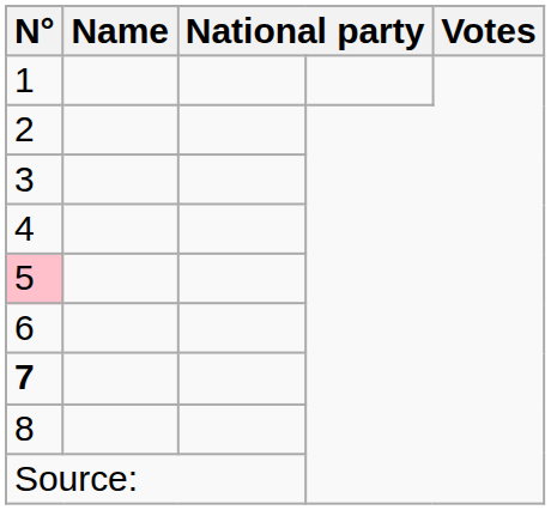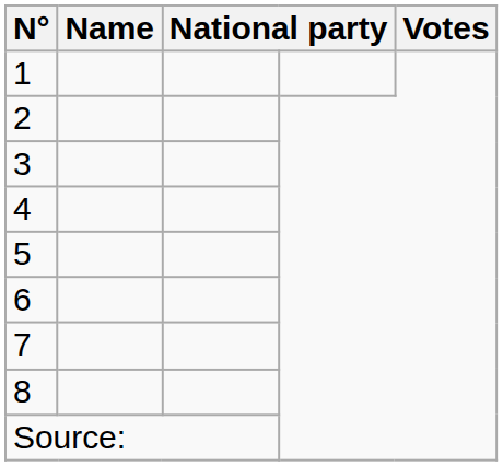 <table class="wikitable sortable" style="font-size:95%;line-height:14px;">
 <tr>
 <th>N°</th>
 <th>Name</th>
 <th colspan="2">National party</th>
 <th>Votes</th>
 </tr>
 <tr>
 <td>1</td>
 <td></td>
 <td></td>
 <td></td>
 </tr>
 <tr>
 <td>2</td>
 <td></td>
 <td></td>
 </tr>
 <tr>
 <td>3</td>
 <td></td>
 <td></td>
 </tr>
 <tr>
 <td>4</td>
 <td></td>
 <td></td>
 </tr>
 <tr>
-<td style="background: pink;">5</td>
+<td>5</td>
 <td><em></em></td>
 <td></td>
 </tr>
 <tr>
 <td>6</td>
 <td></td>
 <td></td>
 </tr>
 <tr>
-<td><strong>7</strong></td>
+<td>7</td>
 <td></td>
 <td></td>
 </tr>
 <tr>
 <td>8</td>
 <td></td>
 <td></td>
 </tr>
 <tr>
 <td colspan="3">Source: </td>
 </tr>
 </table>
